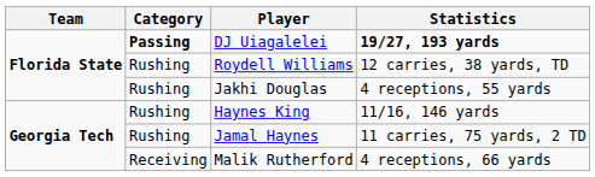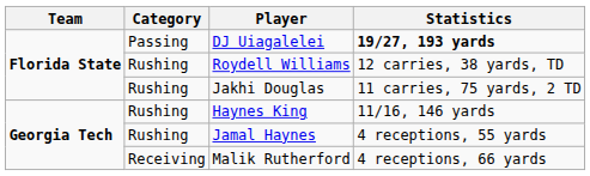 <table class="wikitable" style="float: right;">
 <tr>
 <th>Team</th>
 <th>Category</th>
 <th>Player</th>
 <th>Statistics</th>
 </tr>
 <tr>
 <td rowspan=3><strong>Florida State</strong></td>
-<td><strong>Passing</strong></td>
+<td>Passing</td>
 <td><a href='#'>DJ Uiagalelei</a></td>
 <td><strong>19/27, 193 yards</strong></td>
 </tr>
 <tr>
 <td>Rushing</td>
 <td><a href='#'>Roydell Williams</a></td>
 <td>12 carries, 38 yards, TD</td>
 </tr>
 <tr>
 <td>Rushing</td>
 <td>Jakhi Douglas</td>
-<td>4 receptions, 55 yards</td>
+<td>11 carries, 75 yards, 2 TD</td>
 </tr>
 <tr>
 <td rowspan=3><strong>Georgia Tech</strong></td>
 <td>Rushing</td>
 <td><a href='#'>Haynes King</a></td>
 <td>11/16, 146 yards</td>
 </tr>
 <tr>
 <td>Rushing</td>
 <td><a href='#'>Jamal Haynes</a></td>
-<td>11 carries, 75 yards, 2 TD</td>
+<td>4 receptions, 55 yards</td>
 </tr>
 <tr>
 <td>Receiving</td>
 <td>Malik Rutherford</td>
 <td>4 receptions, 66 yards</td>
 </tr>
 </table>
